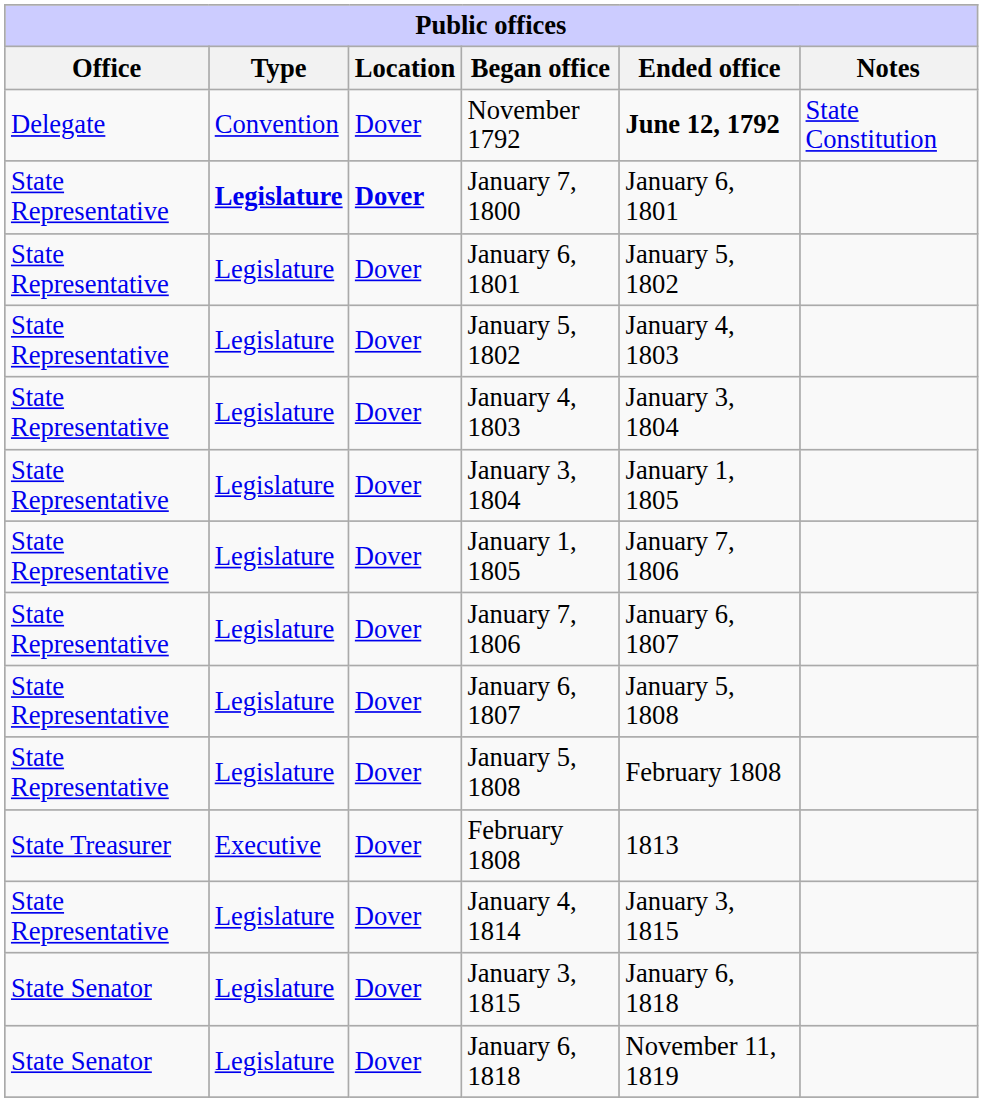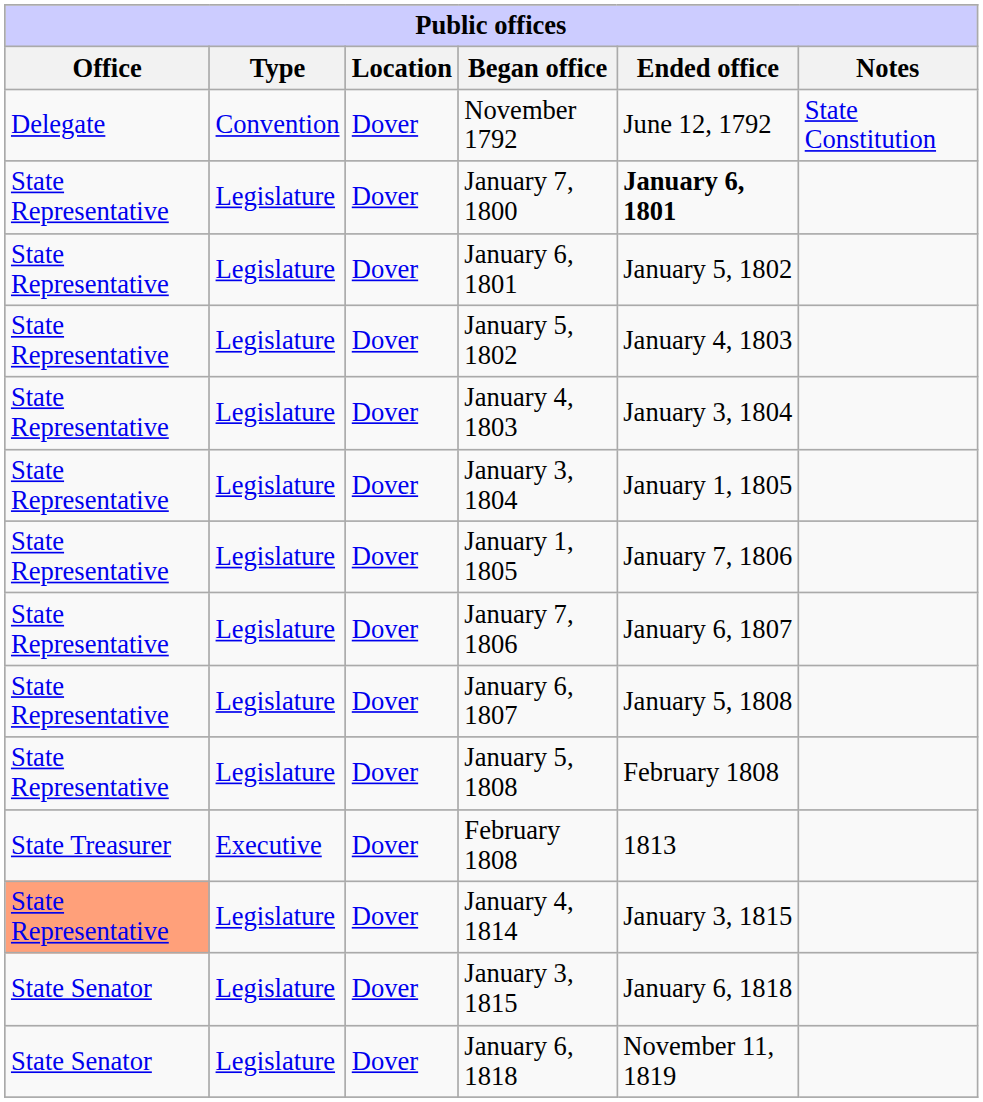 <table class=wikitable style="width: 94%" style="text-align: center;" align="center">
 <tr bgcolor=#cccccc>
 <th colspan=7 style="background: #ccccff;">Public offices</th>
 </tr>
 <tr>
 <th><strong>Office</strong></th>
 <th><strong>Type</strong></th>
 <th><strong>Location</strong></th>
 <th><strong>Began office</strong></th>
 <th><strong>Ended office</strong></th>
 <th><strong>Notes</strong></th>
 </tr>
 <tr>
 <td><a href='#'>Delegate</a></td>
 <td><a href='#'>Convention</a></td>
 <td><a href='#'>Dover</a></td>
 <td>November 1792</td>
-<td><strong>June 12, 1792</strong></td>
+<td>June 12, 1792</td>
 <td><a href='#'>State Constitution</a></td>
 </tr>
 <tr>
 <td><a href='#'>State Representative</a></td>
-<td><strong><a href='#'>Legislature</a></strong></td>
-<td><strong><a href='#'>Dover</a></strong></td>
+<td><a href='#'>Legislature</a></td>
+<td><a href='#'>Dover</a></td>
 <td>January 7, 1800</td>
-<td>January 6, 1801</td>
+<td><strong>January 6, 1801</strong></td>
 <td></td>
 </tr>
 <tr>
 <td><a href='#'>State Representative</a></td>
 <td><a href='#'>Legislature</a></td>
 <td><a href='#'>Dover</a></td>
 <td>January 6, 1801</td>
 <td>January 5, 1802</td>
 <td></td>
 </tr>
 <tr>
 <td><a href='#'>State Representative</a></td>
 <td><a href='#'>Legislature</a></td>
 <td><a href='#'>Dover</a></td>
 <td>January 5, 1802</td>
 <td>January 4, 1803</td>
 <td></td>
 </tr>
 <tr>
 <td><a href='#'>State Representative</a></td>
 <td><a href='#'>Legislature</a></td>
 <td><a href='#'>Dover</a></td>
 <td>January 4, 1803</td>
 <td>January 3, 1804</td>
 <td></td>
 </tr>
 <tr>
 <td><a href='#'>State Representative</a></td>
 <td><a href='#'>Legislature</a></td>
 <td><a href='#'>Dover</a></td>
 <td>January 3, 1804</td>
 <td>January 1, 1805</td>
 <td></td>
 </tr>
 <tr>
 <td><a href='#'>State Representative</a></td>
 <td><a href='#'>Legislature</a></td>
 <td><a href='#'>Dover</a></td>
 <td>January 1, 1805</td>
 <td>January 7, 1806</td>
 <td></td>
 </tr>
 <tr>
 <td><a href='#'>State Representative</a></td>
 <td><a href='#'>Legislature</a></td>
 <td><a href='#'>Dover</a></td>
 <td>January 7, 1806</td>
 <td>January 6, 1807</td>
 <td></td>
 </tr>
 <tr>
 <td><a href='#'>State Representative</a></td>
 <td><a href='#'>Legislature</a></td>
 <td><a href='#'>Dover</a></td>
 <td>January 6, 1807</td>
 <td>January 5, 1808</td>
 <td></td>
 </tr>
 <tr>
 <td><a href='#'>State Representative</a></td>
 <td><a href='#'>Legislature</a></td>
 <td><a href='#'>Dover</a></td>
 <td>January 5, 1808</td>
 <td>February 1808</td>
 <td></td>
 </tr>
 <tr>
 <td><a href='#'>State Treasurer</a></td>
 <td><a href='#'>Executive</a></td>
 <td><a href='#'>Dover</a></td>
 <td>February 1808</td>
 <td>1813</td>
 <td></td>
 </tr>
 <tr>
-<td><a href='#'>State Representative</a></td>
+<td style="background: lightsalmon;"><a href='#'>State Representative</a></td>
 <td><a href='#'>Legislature</a></td>
 <td><a href='#'>Dover</a></td>
 <td>January 4, 1814</td>
 <td>January 3, 1815</td>
 <td></td>
 </tr>
 <tr>
 <td><a href='#'>State Senator</a></td>
 <td><a href='#'>Legislature</a></td>
 <td><a href='#'>Dover</a></td>
 <td>January 3, 1815</td>
 <td>January 6, 1818</td>
 <td></td>
 </tr>
 <tr>
 <td><a href='#'>State Senator</a></td>
 <td><a href='#'>Legislature</a></td>
 <td><a href='#'>Dover</a></td>
 <td>January 6, 1818</td>
 <td>November 11, 1819</td>
 <td></td>
 </tr>
 </table>
